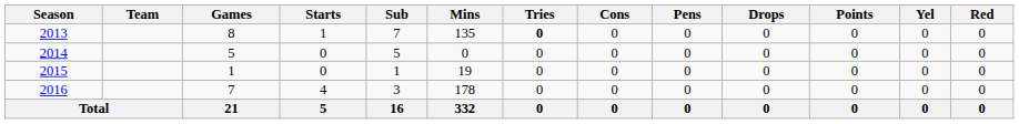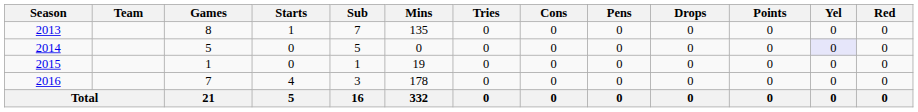 <table class="wikitable" style="text-align:center; line-height:90%; font-size:95%; width:70%;">
 <tr>
 <th>Season</th>
 <th>Team</th>
 <th>Games</th>
 <th>Starts</th>
 <th>Sub</th>
 <th>Mins</th>
 <th>Tries</th>
 <th>Cons</th>
 <th>Pens</th>
 <th>Drops</th>
 <th>Points</th>
 <th>Yel</th>
 <th>Red</th>
 </tr>
 <tr>
 <td><a href='#'>2013</a></td>
 <td></td>
 <td>8</td>
 <td>1</td>
 <td>7</td>
 <td>135</td>
-<td><strong>0</strong></td>
+<td>0</td>
 <td>0</td>
 <td>0</td>
 <td>0</td>
 <td>0</td>
 <td>0</td>
 <td>0</td>
 </tr>
 <tr>
 <td><a href='#'>2014</a></td>
 <td></td>
 <td>5</td>
 <td>0</td>
 <td>5</td>
 <td>0</td>
 <td>0</td>
 <td>0</td>
 <td>0</td>
 <td>0</td>
 <td>0</td>
-<td>0</td>
+<td style="background: lavender;">0</td>
 <td>0</td>
 </tr>
 <tr>
 <td><a href='#'>2015</a></td>
 <td></td>
 <td>1</td>
 <td>0</td>
 <td>1</td>
 <td>19</td>
 <td>0</td>
 <td>0</td>
 <td>0</td>
 <td>0</td>
 <td>0</td>
 <td>0</td>
 <td>0</td>
 </tr>
 <tr>
 <td><a href='#'>2016</a></td>
 <td></td>
 <td>7</td>
 <td>4</td>
 <td>3</td>
 <td>178</td>
 <td>0</td>
 <td>0</td>
 <td>0</td>
 <td>0</td>
 <td>0</td>
 <td>0</td>
 <td>0</td>
 </tr>
 <tr>
 <th colspan="2">Total</th>
 <th>21</th>
 <th>5</th>
 <th>16</th>
 <th>332</th>
 <th>0</th>
 <th>0</th>
 <th>0</th>
 <th>0</th>
 <th>0</th>
 <th>0</th>
 <th>0</th>
 </tr>
 </table>
